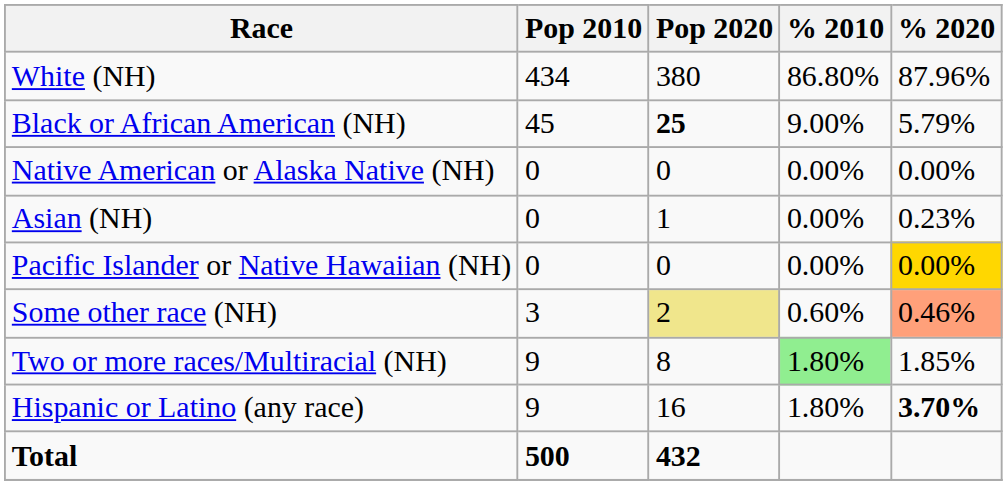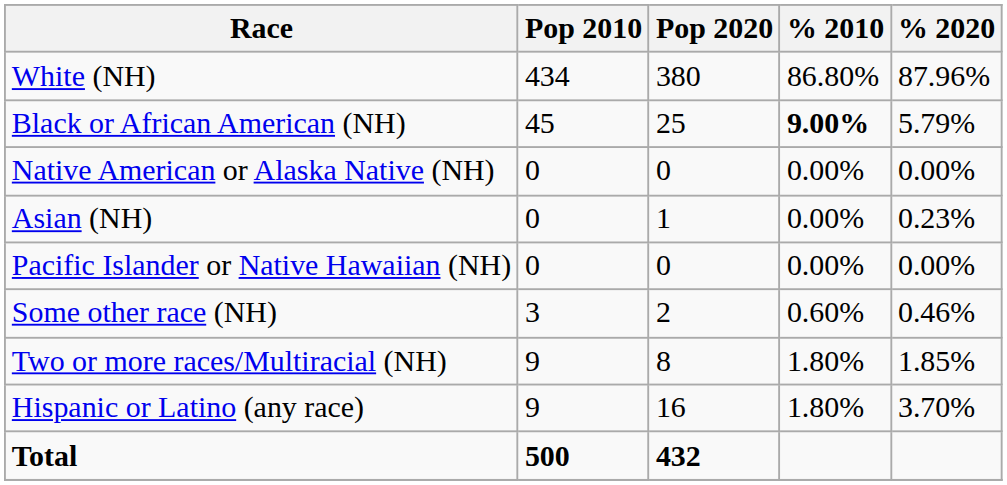 <table class="wikitable">
 <tr>
 <th>Race</th>
 <th>Pop 2010</th>
 <th>Pop 2020</th>
 <th>% 2010</th>
 <th>% 2020</th>
 </tr>
 <tr>
 <td><a href='#'>White</a> (NH)</td>
 <td>434</td>
 <td>380</td>
 <td>86.80%</td>
 <td>87.96%</td>
 </tr>
 <tr>
 <td><a href='#'>Black or African American</a> (NH)</td>
 <td>45</td>
-<td><strong>25</strong></td>
-<td>9.00%</td>
+<td>25</td>
+<td><strong>9.00%</strong></td>
 <td>5.79%</td>
 </tr>
 <tr>
 <td><a href='#'>Native American</a> or <a href='#'>Alaska Native</a> (NH)</td>
 <td>0</td>
 <td>0</td>
 <td>0.00%</td>
 <td>0.00%</td>
 </tr>
 <tr>
 <td><a href='#'>Asian</a> (NH)</td>
 <td>0</td>
 <td>1</td>
 <td>0.00%</td>
 <td>0.23%</td>
 </tr>
 <tr>
 <td><a href='#'>Pacific Islander</a> or <a href='#'>Native Hawaiian</a> (NH)</td>
 <td>0</td>
 <td>0</td>
 <td>0.00%</td>
-<td style="background: gold;">0.00%</td>
+<td>0.00%</td>
 </tr>
 <tr>
 <td><a href='#'>Some other race</a> (NH)</td>
 <td>3</td>
-<td style="background: khaki;">2</td>
+<td>2</td>
 <td>0.60%</td>
-<td style="background: lightsalmon;">0.46%</td>
+<td>0.46%</td>
 </tr>
 <tr>
 <td><a href='#'>Two or more races/Multiracial</a> (NH)</td>
 <td>9</td>
 <td>8</td>
-<td style="background: lightgreen;">1.80%</td>
+<td>1.80%</td>
 <td>1.85%</td>
 </tr>
 <tr>
 <td><a href='#'>Hispanic or Latino</a> (any race)</td>
 <td>9</td>
 <td>16</td>
 <td>1.80%</td>
-<td><strong>3.70%</strong></td>
+<td>3.70%</td>
 </tr>
 <tr>
 <td><strong>Total</strong></td>
 <td><strong>500</strong></td>
 <td><strong>432</strong></td>
 <td></td>
 <td></td>
 </tr>
 <tr>
 </tr>
 </table>
